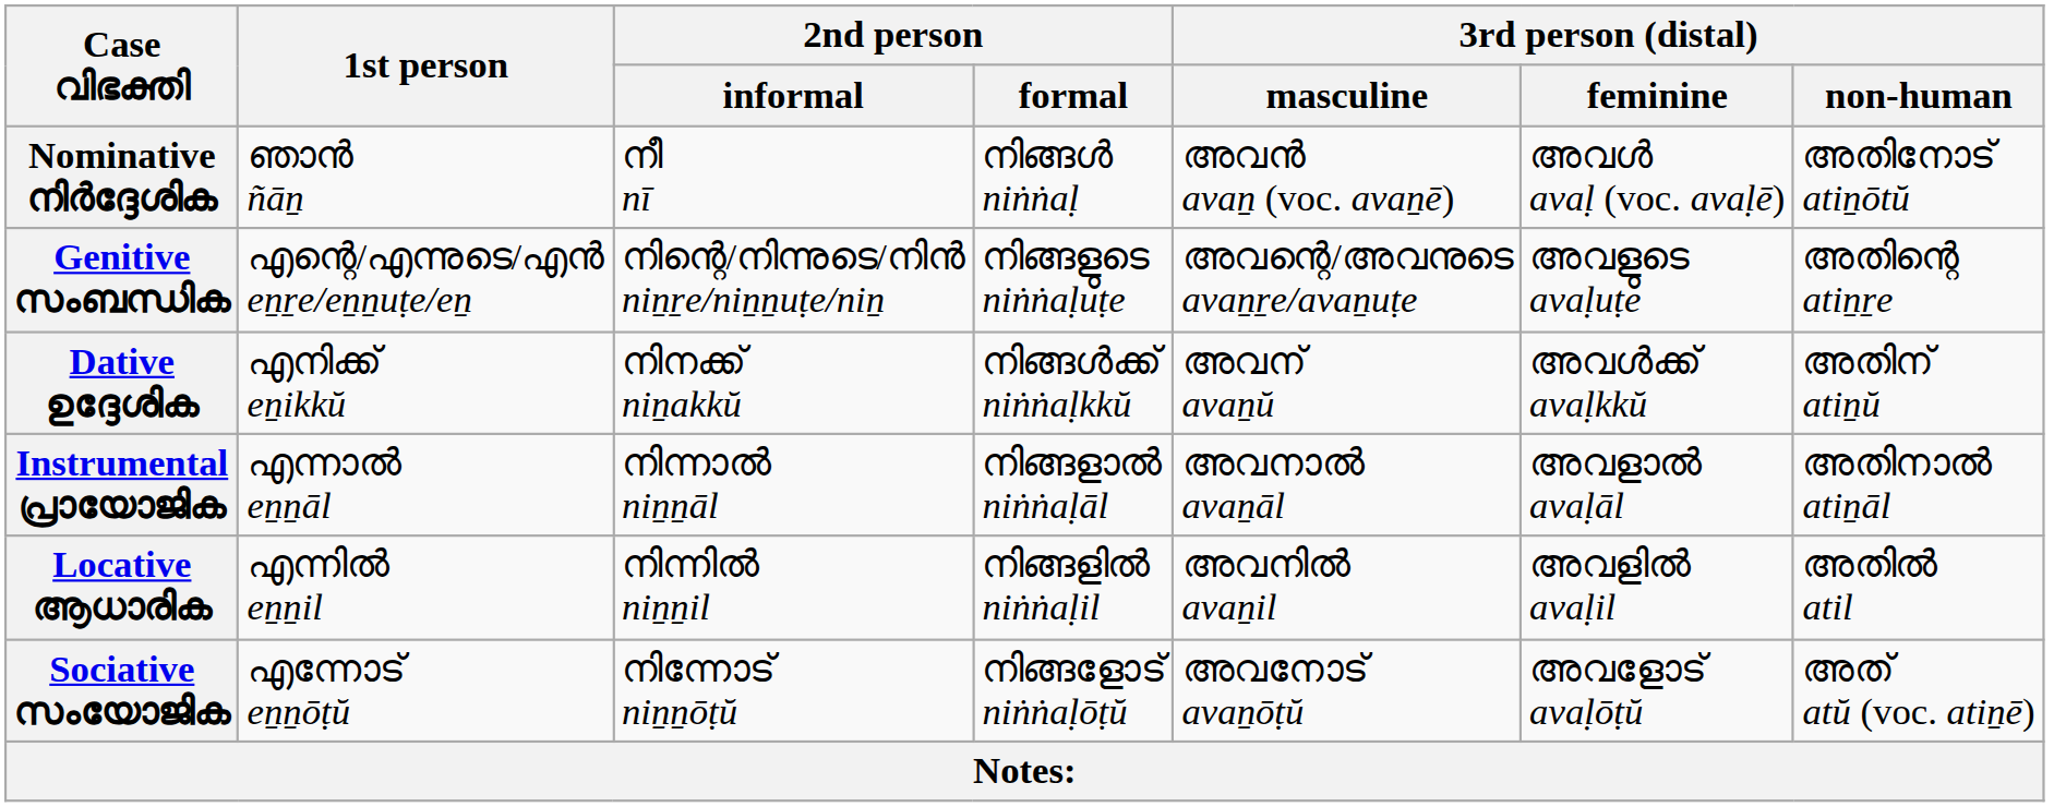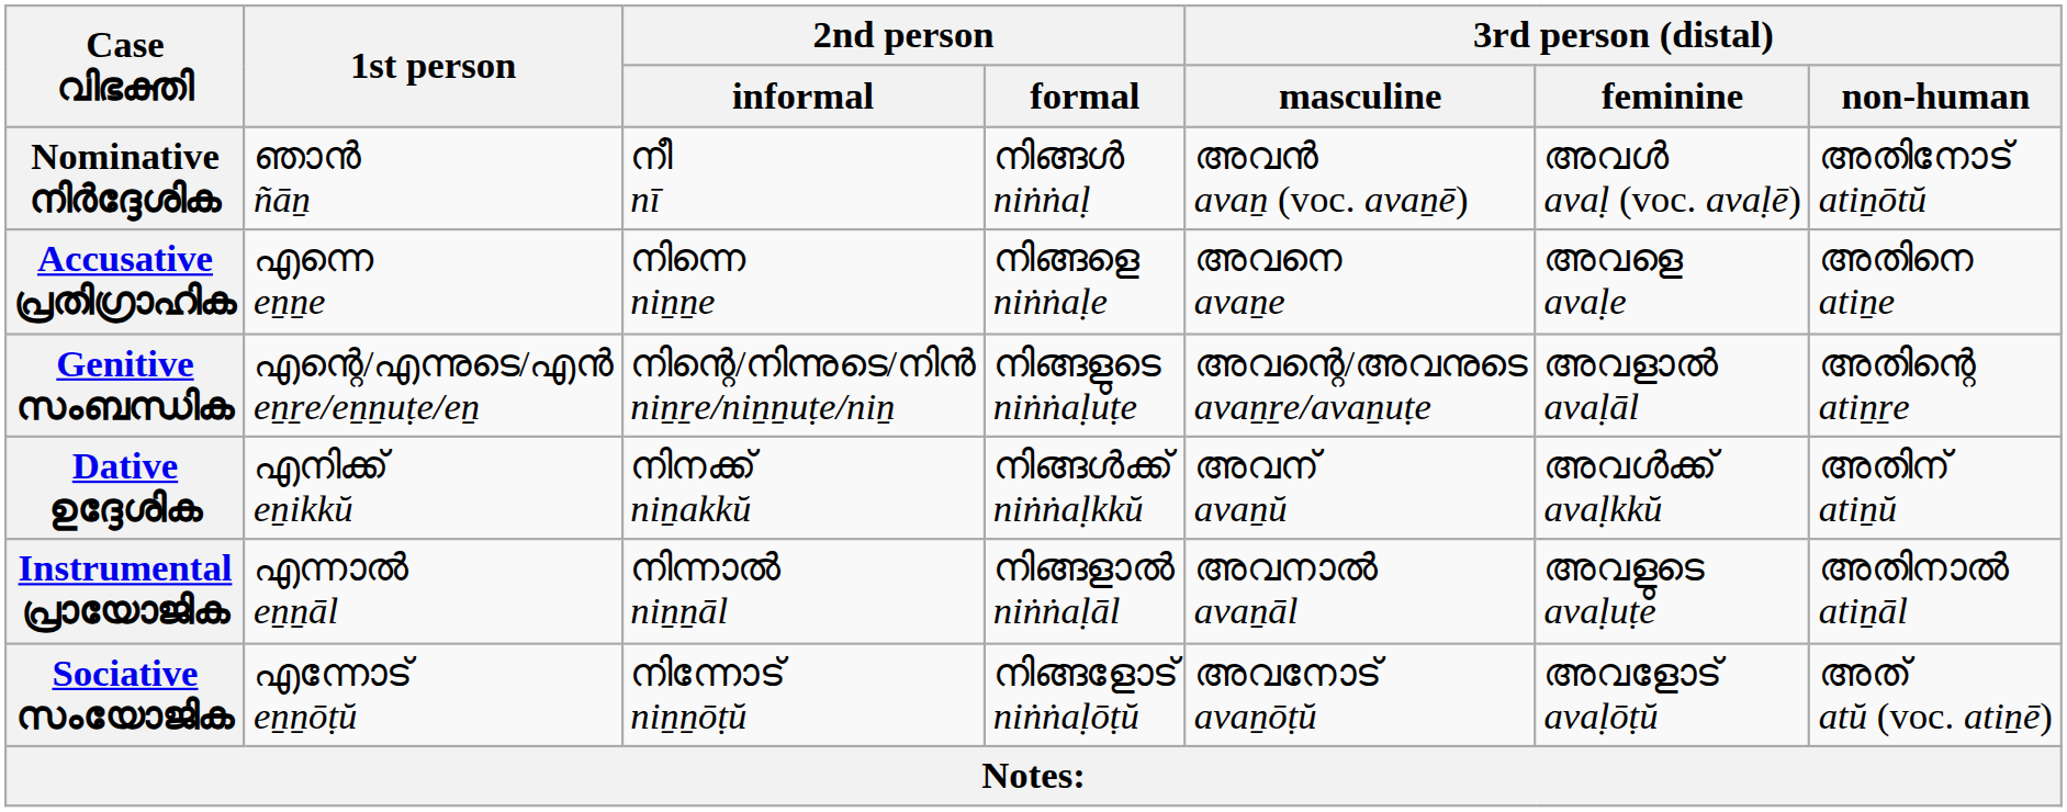 <table class="wikitable">
 <tr>
 <th rowspan="2">Case<br>വിഭക്തി</th>
 <th rowspan="2">1st person</th>
 <th colspan="2">2nd person</th>
 <th colspan="3">3rd person (distal)</th>
 </tr>
 <tr>
 <th>informal</th>
 <th>formal</th>
 <th>masculine</th>
 <th>feminine</th>
 <th>non-human</th>
 </tr>
 <tr>
 <th>Nominative<br>നിർദ്ദേശിക</th>
 <td>ഞാൻ<br><em>ñāṉ</em></td>
 <td>നീ<br><em>nī</em></td>
 <td>നിങ്ങൾ<br><em>niṅṅaḷ</em></td>
 <td>അവൻ<br><em>avaṉ</em> (voc. <em>avaṉē</em>)</td>
 <td>അവൾ<br><em>avaḷ</em> (voc. <em>avaḷē</em>)</td>
 <td>അതിനോട്<br><em>atiṉōtŭ</em></td>
 </tr>
 <tr>
+<th><a href='#'>Accusative</a><br>പ്രതിഗ്രാഹിക</th>
+<td>എന്നെ<br><em>eṉṉe</em></td>
+<td>നിന്നെ<br><em>niṉṉe</em></td>
+<td>നിങ്ങളെ<br><em>niṅṅaḷe</em></td>
+<td>അവനെ<br><em>avaṉe</em></td>
+<td>അവളെ<br><em>avaḷe</em></td>
+<td>അതിനെ<br><em>atiṉe</em></td>
+</tr>
+<tr>
 <th><a href='#'>Genitive</a><br>സംബന്ധിക</th>
 <td>എന്റെ/എന്നുടെ/എൻ<br><em>eṉṟe/eṉṉuṭe/eṉ</em></td>
 <td>നിന്റെ/നിന്നുടെ/നിൻ<br><em>niṉṟe/niṉṉuṭe/niṉ</em></td>
 <td>നിങ്ങളുടെ<br><em>niṅṅaḷuṭe</em></td>
 <td>അവന്റെ/അവനുടെ<br><em>avaṉṟe/avaṉuṭe</em></td>
-<td>അവളുടെ<br><em>avaḷuṭe</em></td>
+<td>അവളാൽ<br><em>avaḷāl</em></td>
 <td>അതിന്റെ<br><em>atiṉṟe</em></td>
 </tr>
 <tr>
 <th><a href='#'>Dative</a><br>ഉദ്ദേശിക</th>
 <td>എനിക്ക്<br><em>eṉikkŭ</em></td>
 <td>നിനക്ക്<br><em>niṉakkŭ</em></td>
 <td>നിങ്ങൾക്ക്<br><em>niṅṅaḷkkŭ</em></td>
 <td>അവന്<br><em>avaṉŭ</em></td>
 <td>അവൾക്ക്<br><em>avaḷkkŭ</em></td>
 <td>അതിന്<br><em>atiṉŭ</em></td>
 </tr>
 <tr>
 <th><a href='#'>Instrumental</a><br>പ്രായോജിക</th>
 <td>എന്നാൽ<br><em>eṉṉāl</em></td>
 <td>നിന്നാൽ<br><em>niṉṉāl</em></td>
 <td>നിങ്ങളാൽ<br><em>niṅṅaḷāl</em></td>
 <td>അവനാൽ<br><em>avaṉāl</em></td>
-<td>അവളാൽ<br><em>avaḷāl</em></td>
+<td>അവളുടെ<br><em>avaḷuṭe</em></td>
 <td>അതിനാൽ<br><em>atiṉāl</em></td>
-</tr>
-<tr>
-<th><a href='#'>Locative</a><br>ആധാരിക</th>
-<td>എന്നിൽ<br><em>eṉṉil</em></td>
-<td>നിന്നിൽ<br><em>niṉṉil</em></td>
-<td>നിങ്ങളിൽ<br><em>niṅṅaḷil</em></td>
-<td>അവനിൽ<br><em>avaṉil</em></td>
-<td>അവളിൽ<br><em>avaḷil</em></td>
-<td>അതിൽ<br><em>atil</em></td>
 </tr>
 <tr>
 <th><a href='#'>Sociative</a><br>സംയോജിക</th>
 <td>എന്നോട്<br><em>eṉṉōṭŭ</em></td>
 <td>നിന്നോട്<br><em>niṉṉōṭŭ</em></td>
 <td>നിങ്ങളോട്<br><em>niṅṅaḷōṭŭ</em></td>
 <td>അവനോട്<br><em>avaṉōṭŭ</em></td>
 <td>അവളോട്‌<br><em>avaḷōṭŭ</em></td>
 <td>അത്<br><em>atŭ</em> (voc. <em>atiṉē</em>)</td>
 </tr>
 <tr>
 <th colspan="7">Notes:<br></th>
 </tr>
 </table>
